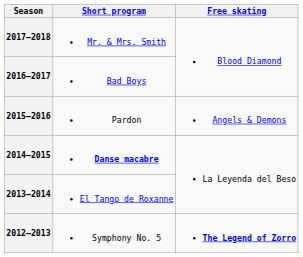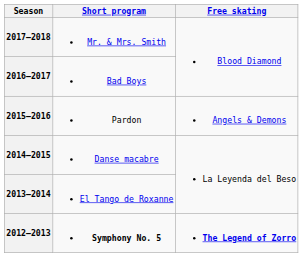 <table class=wikitable style=text-align:center>
 <tr>
 <th>Season</th>
 <th><a href='#'>Short program</a></th>
 <th><a href='#'>Free skating</a></th>
 </tr>
 <tr>
 <th>2017–2018 <br> </th>
 <td><br><ul><li><a href='#'>Mr. & Mrs. Smith</a> <br></li></ul></td>
 <td rowspan=2><br><ul><li><a href='#'>Blood Diamond</a> <br></li></ul></td>
 </tr>
 <tr>
 <th>2016–2017 <br> </th>
 <td><br><ul><li><a href='#'>Bad Boys</a> <br></li></ul></td>
 </tr>
 <tr>
 <th>2015–2016 <br> </th>
 <td><br><ul><li>Pardon <br></li></ul></td>
 <td><br><ul><li><a href='#'>Angels & Demons</a> <br> </li></ul></td>
 </tr>
 <tr>
 <th>2014–2015 <br> </th>
-<td><strong><br><ul><li><a href='#'>Danse macabre</a> <br></li></ul></strong></td>
+<td><br><ul><li><a href='#'>Danse macabre</a> <br></li></ul></td>
 <td rowspan=2><br><ul><li>La Leyenda del Beso <br></li></ul></td>
 </tr>
 <tr>
 <th>2013–2014 <br> </th>
 <td><br><ul><li><a href='#'>El Tango de Roxanne</a> <br></li></ul></td>
 </tr>
 <tr>
 <th>2012–2013 <br> </th>
-<td><br><ul><li>Symphony No. 5 <br></li></ul></td>
+<td><strong><br><ul><li>Symphony No. 5 <br></li></ul></strong></td>
 <td><strong><br><ul><li><a href='#'>The Legend of Zorro</a> <br></li></ul></strong></td>
 </tr>
 </table>
